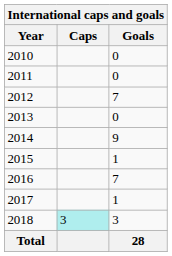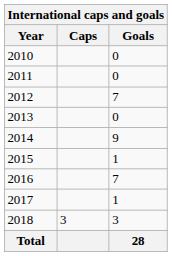 <table class="wikitable sortable">
 <tr>
 <th colspan="3">International caps and goals</th>
 </tr>
 <tr>
 <th>Year</th>
 <th>Caps</th>
 <th>Goals</th>
 </tr>
 <tr>
 <td>2010</td>
 <td></td>
 <td>0</td>
 </tr>
 <tr>
 <td>2011</td>
 <td></td>
 <td>0</td>
 </tr>
 <tr>
 <td>2012</td>
 <td></td>
 <td>7</td>
 </tr>
 <tr>
 <td>2013</td>
 <td></td>
 <td>0</td>
 </tr>
 <tr>
 <td>2014</td>
 <td></td>
 <td>9</td>
 </tr>
 <tr>
 <td>2015</td>
 <td></td>
 <td>1</td>
 </tr>
 <tr>
 <td>2016</td>
 <td></td>
 <td>7</td>
 </tr>
 <tr>
 <td>2017</td>
 <td></td>
 <td>1</td>
 </tr>
 <tr>
 <td>2018</td>
-<td style="background: paleturquoise;">3</td>
+<td>3</td>
 <td>3</td>
 </tr>
 <tr>
 <th>Total</th>
 <th></th>
 <th>28</th>
 </tr>
 </table>
